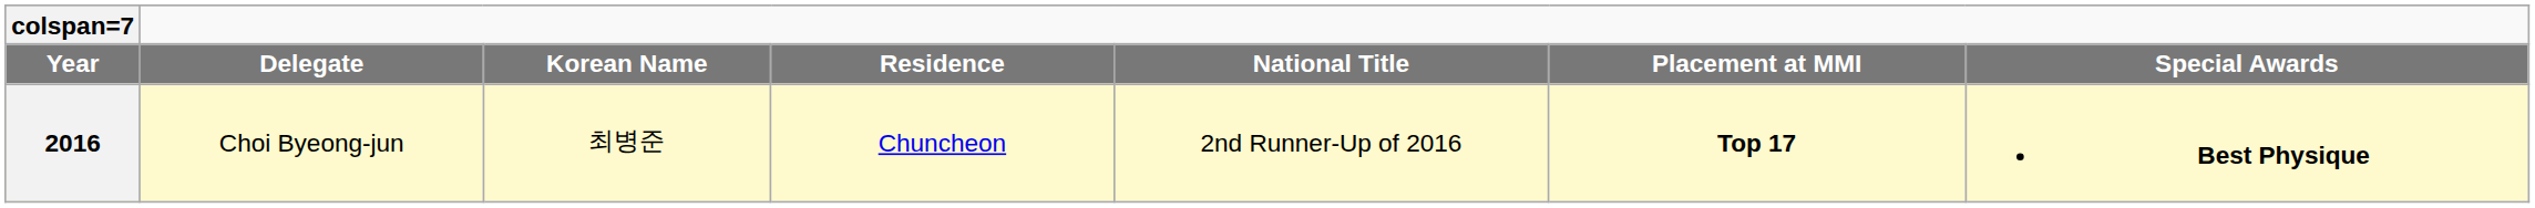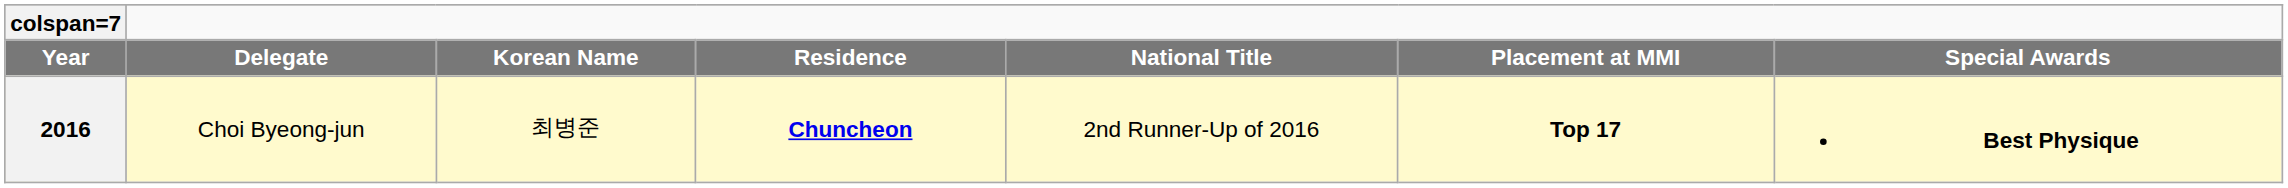 <table class="wikitable sortable" style="font-size: 85%; text-align:center">
 <tr>
 <th>colspan=7 </th>
 </tr>
 <tr>
 <th width="60" style="background-color:#787878;color:#FFFFFF;">Year</th>
 <th width="180" style="background-color:#787878;color:#FFFFFF;">Delegate</th>
 <th width="150" style="background-color:#787878;color:#FFFFFF;">Korean Name</th>
 <th width="180" style="background-color:#787878;color:#FFFFFF;">Residence</th>
 <th width="230" style="background-color:#787878;color:#FFFFFF;">National Title</th>
 <th width="220" style="background-color:#787878;color:#FFFFFF;">Placement at MMI</th>
 <th width="300" style="background-color:#787878;color:#FFFFFF;">Special Awards</th>
 </tr>
 <tr style="background-color:#FFFACD;">
 <th>2016</th>
 <td>Choi Byeong-jun</td>
 <td>최병준</td>
-<td><a href='#'>Chuncheon</a></td>
+<td><strong><a href='#'>Chuncheon</a></strong></td>
 <td>2nd Runner-Up of 2016</td>
 <td><strong>Top 17</strong></td>
 <td><br><ul><li><strong>Best Physique</strong></li></ul></td>
 </tr>
 </table>
